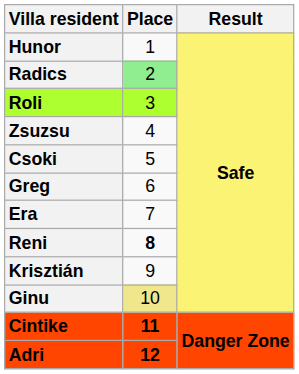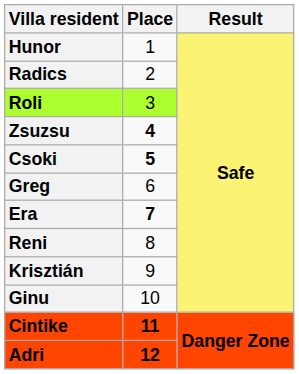 <table class="wikitable" style="text-align:center; font-size:90%; width=20%">
 <tr>
 <th>Villa resident</th>
 <th>Place</th>
 <th>Result</th>
 </tr>
 <tr>
 <th style="text-align:left"><strong>Hunor</strong></th>
 <td>1</td>
 <td rowspan="10" style="background:#FBF373"><strong>Safe</strong></td>
 </tr>
 <tr>
 <th style="text-align:left"><strong>Radics</strong></th>
-<td style="background: lightgreen;">2</td>
+<td>2</td>
 </tr>
 <tr style="background:greenyellow" |>
 <th style="background:greenyellow; text-align:left"><strong>Roli</strong></th>
 <td>3</td>
 </tr>
 <tr>
 <th style="text-align:left"><strong>Zsuzsu</strong></th>
-<td>4</td>
+<td><strong>4</strong></td>
 </tr>
 <tr>
 <th style="text-align:left"><strong>Csoki</strong></th>
-<td>5</td>
+<td><strong>5</strong></td>
 </tr>
 <tr>
 <th style="text-align:left"><strong>Greg</strong></th>
 <td>6</td>
 </tr>
 <tr>
 <th style="text-align:left"><strong>Era</strong></th>
-<td>7</td>
+<td><strong>7</strong></td>
 </tr>
 <tr>
 <th style="text-align:left"><strong>Reni</strong></th>
-<td><strong>8</strong></td>
+<td>8</td>
 </tr>
 <tr>
 <th style="text-align:left"><strong>Krisztián</strong></th>
 <td>9</td>
 </tr>
 <tr>
 <th style="text-align:left"><strong>Ginu</strong></th>
-<td style="background: khaki;">10</td>
+<td>10</td>
 </tr>
 <tr style="background:orangered" |>
 <th style="text-align:left; background:orangered"><strong>Cintike</strong></th>
 <td><strong>11</strong></td>
 <td rowspan="2"><strong>Danger Zone</strong></td>
 </tr>
 <tr style="background:orangered" |>
 <th style="text-align:left; background:orangered"><strong>Adri</strong></th>
 <td><strong>12</strong></td>
 </tr>
 <tr>
 </tr>
 </table>
